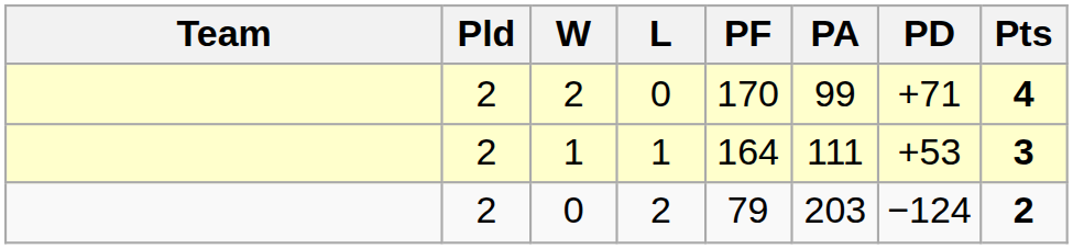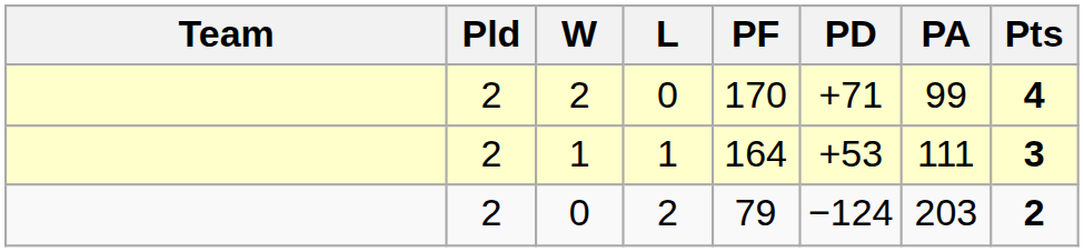 <table class=wikitable style="text-align:center">
 <tr>
 <th width=180>Team</th>
 <th width=30>Pld</th>
 <th width=30>W</th>
 <th width=30>L</th>
 <th width=30>PF</th>
+<th width=30>PD</th>
 <th width=30>PA</th>
-<th width=30>PD</th>
 <th width=30>Pts</th>
 </tr>
 <tr align=center bgcolor="#ffffcc">
 <td align="left"></td>
 <td>2</td>
 <td>2</td>
 <td>0</td>
 <td>170</td>
+<td>+71</td>
 <td>99</td>
-<td>+71</td>
 <td><strong>4</strong></td>
 </tr>
 <tr align=center bgcolor="#ffffcc">
 <td align="left"></td>
 <td>2</td>
 <td>1</td>
 <td>1</td>
 <td>164</td>
+<td>+53</td>
 <td>111</td>
-<td>+53</td>
 <td><strong>3</strong></td>
 </tr>
 <tr>
 <td align="left"></td>
 <td>2</td>
 <td>0</td>
 <td>2</td>
 <td>79</td>
+<td>−124</td>
 <td>203</td>
-<td>−124</td>
 <td><strong>2</strong></td>
 </tr>
 </table>
